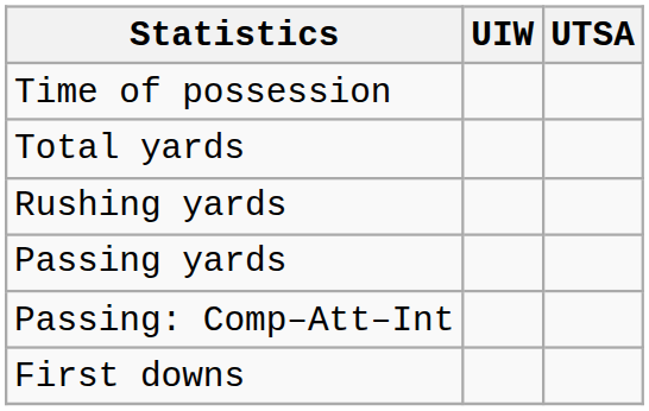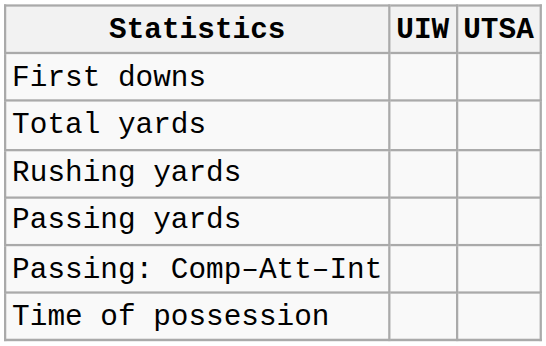 <table class="wikitable" style="float: left;">
 <tr>
 <th>Statistics</th>
 <th>UIW</th>
 <th>UTSA</th>
 </tr>
 <tr>
-<td>Time of possession</td>
+<td>First downs</td>
 <td></td>
 <td></td>
 </tr>
 <tr>
 <td>Total yards</td>
 <td></td>
 <td></td>
 </tr>
 <tr>
 <td>Rushing yards</td>
 <td></td>
 <td></td>
 </tr>
 <tr>
 <td>Passing yards</td>
 <td></td>
 <td></td>
 </tr>
 <tr>
 <td>Passing: Comp–Att–Int</td>
 <td></td>
 <td></td>
 </tr>
 <tr>
-<td>First downs</td>
+<td>Time of possession</td>
 <td></td>
 <td></td>
 </tr>
 <tr>
 </tr>
 </table>
